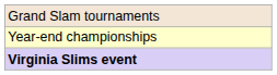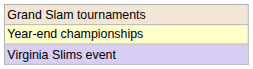 <table class=wikitable  style=font-size:88%;width:14%>
 <tr bgcolor=#F3E6D7>
 <td>Grand Slam tournaments</td>
 </tr>
 <tr bgcolor=#ffffcc>
 <td>Year-end championships</td>
 </tr>
 <tr bgcolor=#d8cef6>
-<td><strong>Virginia Slims event</strong></td>
+<td>Virginia Slims event</td>
 </tr>
 </table>
